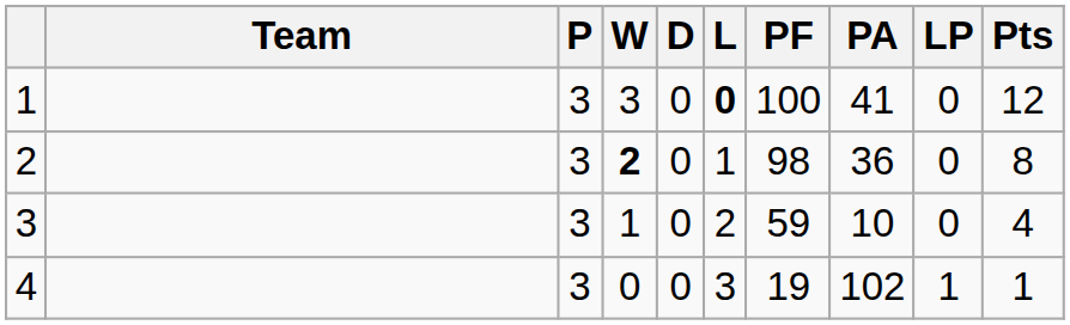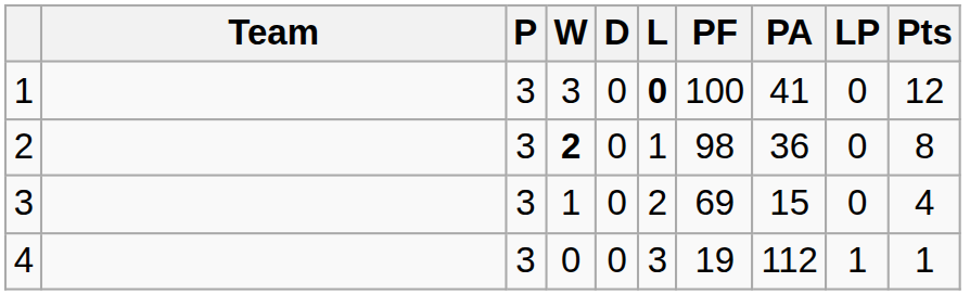 <table class="wikitable" style="text-align:center;">
 <tr>
 <th></th>
 <th width="200px">Team</th>
 <th>P</th>
 <th>W</th>
 <th>D</th>
 <th>L</th>
 <th>PF</th>
 <th>PA</th>
 <th>LP</th>
 <th>Pts</th>
 </tr>
 <tr>
 <td>1</td>
 <td></td>
 <td>3</td>
 <td>3</td>
 <td>0</td>
 <td><strong>0</strong></td>
 <td>100</td>
 <td>41</td>
 <td>0</td>
 <td>12</td>
 </tr>
 <tr>
 <td>2</td>
 <td></td>
 <td>3</td>
 <td><strong>2</strong></td>
 <td>0</td>
 <td>1</td>
 <td>98</td>
 <td>36</td>
 <td>0</td>
 <td>8</td>
 </tr>
 <tr>
 <td>3</td>
 <td></td>
 <td>3</td>
 <td>1</td>
 <td>0</td>
 <td>2</td>
-<td>59</td>
-<td>10</td>
+<td>69</td>
+<td>15</td>
 <td>0</td>
 <td>4</td>
 </tr>
 <tr>
 <td>4</td>
 <td></td>
 <td>3</td>
 <td>0</td>
 <td>0</td>
 <td>3</td>
 <td>19</td>
-<td>102</td>
+<td>112</td>
 <td>1</td>
 <td>1</td>
 </tr>
 </table>
